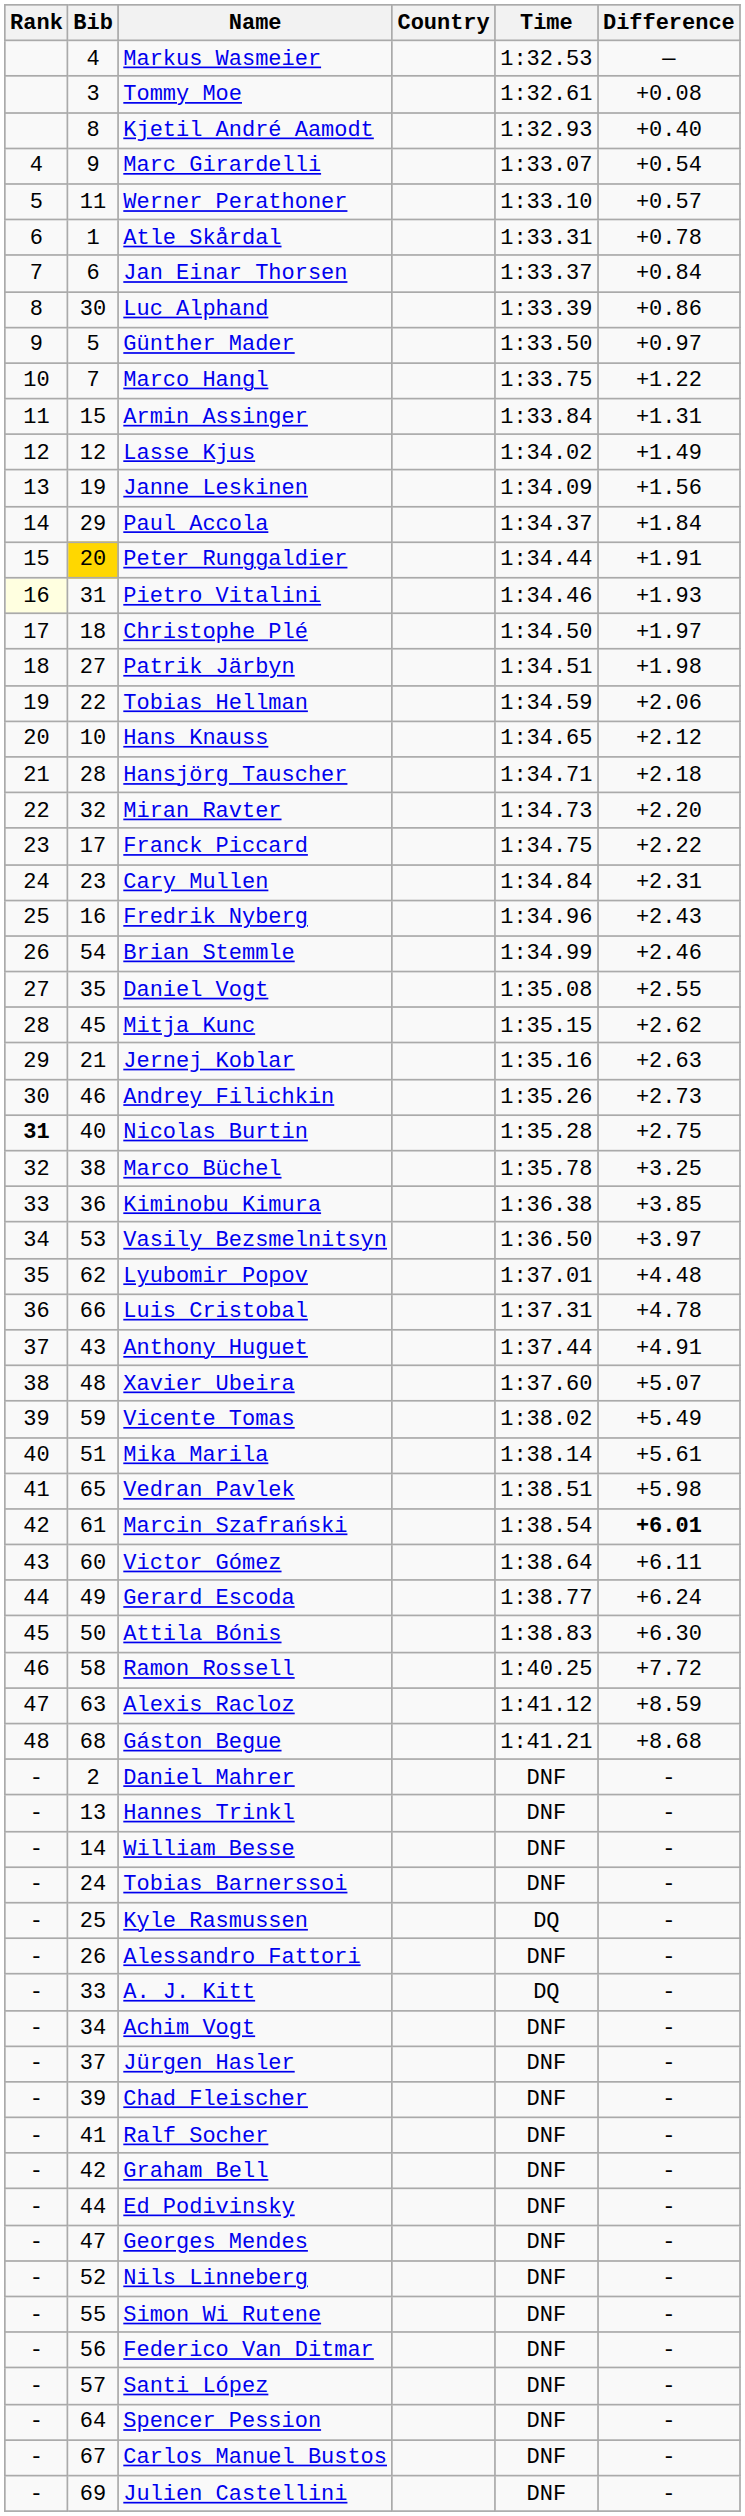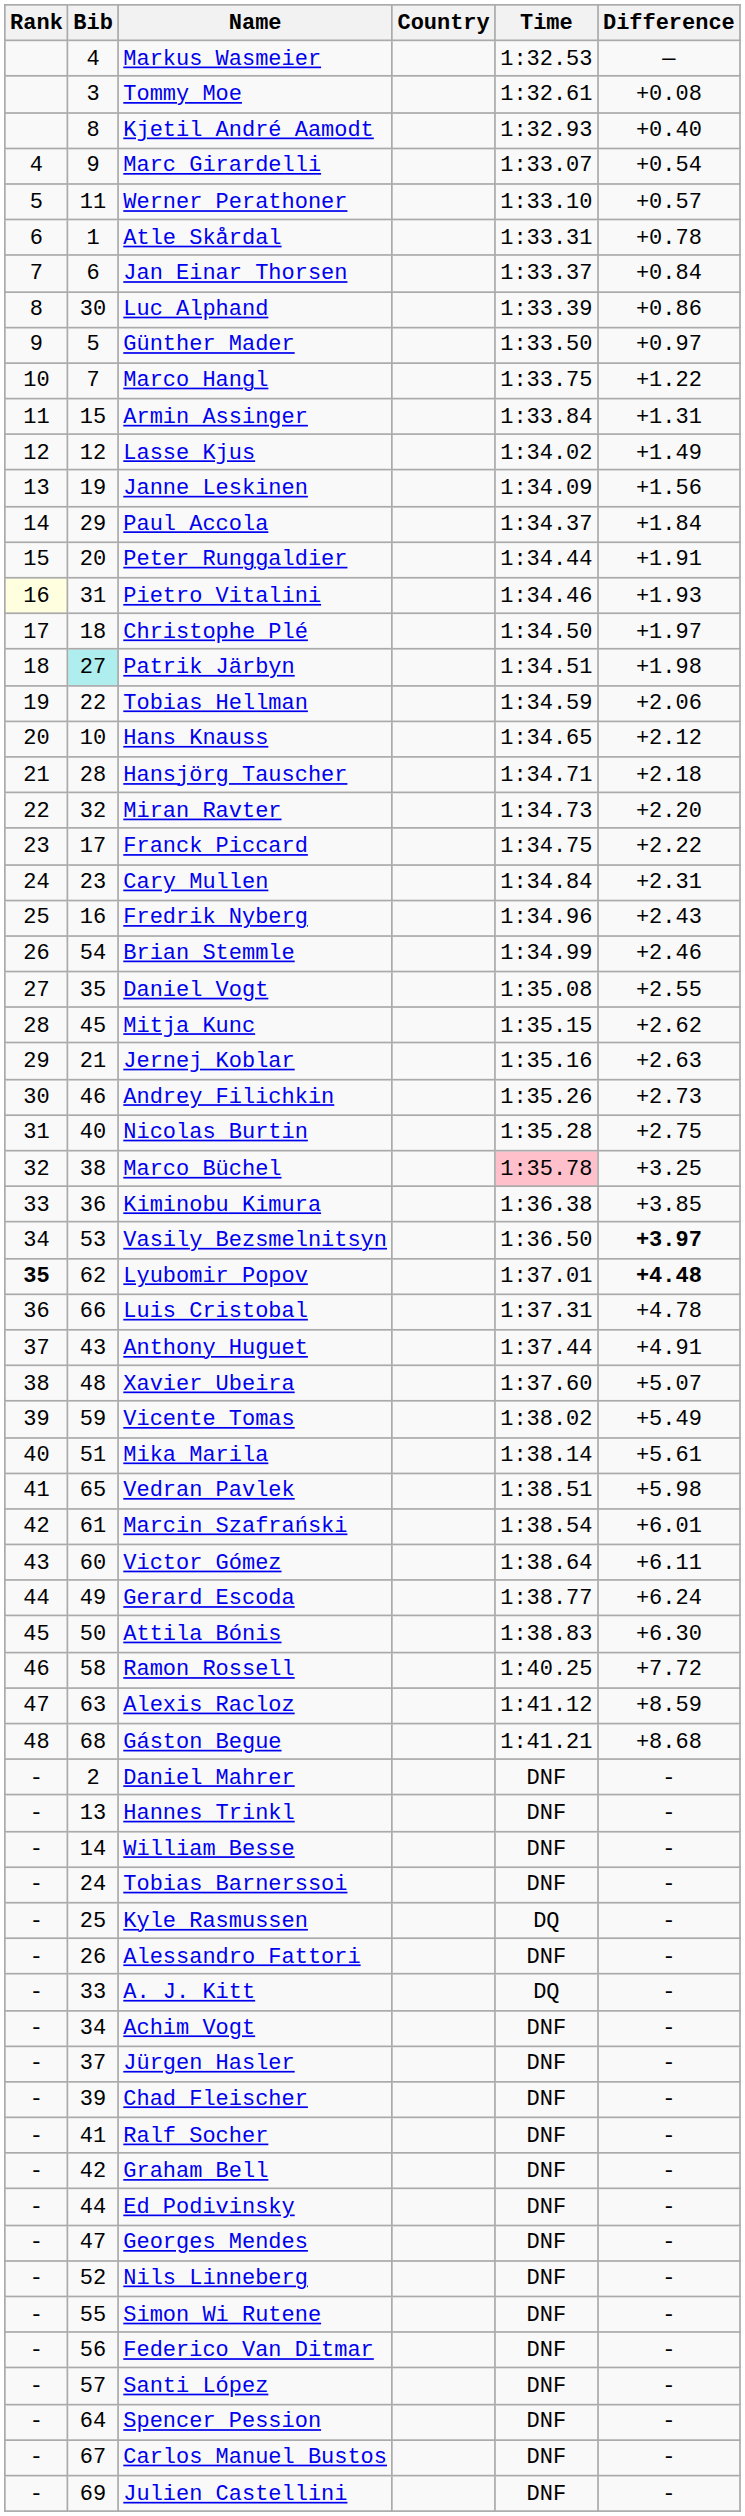 <table class="wikitable sortable" style="text-align:center">
 <tr>
 <th>Rank</th>
 <th>Bib</th>
 <th>Name</th>
 <th>Country</th>
 <th>Time</th>
 <th>Difference</th>
 </tr>
 <tr>
 <td></td>
 <td>4</td>
 <td align=left><a href='#'>Markus Wasmeier</a></td>
 <td align=left></td>
 <td>1:32.53</td>
 <td>—</td>
 </tr>
 <tr>
 <td></td>
 <td>3</td>
 <td align=left><a href='#'>Tommy Moe</a></td>
 <td align=left></td>
 <td>1:32.61</td>
 <td>+0.08</td>
 </tr>
 <tr>
 <td></td>
 <td>8</td>
 <td align=left><a href='#'>Kjetil André Aamodt</a></td>
 <td align=left></td>
 <td>1:32.93</td>
 <td>+0.40</td>
 </tr>
 <tr>
 <td>4</td>
 <td>9</td>
 <td align=left><a href='#'>Marc Girardelli</a></td>
 <td align=left></td>
 <td>1:33.07</td>
 <td>+0.54</td>
 </tr>
 <tr>
 <td>5</td>
 <td>11</td>
 <td align=left><a href='#'>Werner Perathoner</a></td>
 <td align=left></td>
 <td>1:33.10</td>
 <td>+0.57</td>
 </tr>
 <tr>
 <td>6</td>
 <td>1</td>
 <td align=left><a href='#'>Atle Skårdal</a></td>
 <td align=left></td>
 <td>1:33.31</td>
 <td>+0.78</td>
 </tr>
 <tr>
 <td>7</td>
 <td>6</td>
 <td align=left><a href='#'>Jan Einar Thorsen</a></td>
 <td align=left></td>
 <td>1:33.37</td>
 <td>+0.84</td>
 </tr>
 <tr>
 <td>8</td>
 <td>30</td>
 <td align=left><a href='#'>Luc Alphand</a></td>
 <td align=left></td>
 <td>1:33.39</td>
 <td>+0.86</td>
 </tr>
 <tr>
 <td>9</td>
 <td>5</td>
 <td align=left><a href='#'>Günther Mader</a></td>
 <td align=left></td>
 <td>1:33.50</td>
 <td>+0.97</td>
 </tr>
 <tr>
 <td>10</td>
 <td>7</td>
 <td align=left><a href='#'>Marco Hangl</a></td>
 <td align=left></td>
 <td>1:33.75</td>
 <td>+1.22</td>
 </tr>
 <tr>
 <td>11</td>
 <td>15</td>
 <td align=left><a href='#'>Armin Assinger</a></td>
 <td align=left></td>
 <td>1:33.84</td>
 <td>+1.31</td>
 </tr>
 <tr>
 <td>12</td>
 <td>12</td>
 <td align=left><a href='#'>Lasse Kjus</a></td>
 <td align=left></td>
 <td>1:34.02</td>
 <td>+1.49</td>
 </tr>
 <tr>
 <td>13</td>
 <td>19</td>
 <td align=left><a href='#'>Janne Leskinen</a></td>
 <td align=left></td>
 <td>1:34.09</td>
 <td>+1.56</td>
 </tr>
 <tr>
 <td>14</td>
 <td>29</td>
 <td align=left><a href='#'>Paul Accola</a></td>
 <td align=left></td>
 <td>1:34.37</td>
 <td>+1.84</td>
 </tr>
 <tr>
 <td>15</td>
-<td style="background: gold;">20</td>
+<td>20</td>
 <td align=left><a href='#'>Peter Runggaldier</a></td>
 <td align=left></td>
 <td>1:34.44</td>
 <td>+1.91</td>
 </tr>
 <tr>
 <td style="background: lightyellow;">16</td>
 <td>31</td>
 <td align=left><a href='#'>Pietro Vitalini</a></td>
 <td align=left></td>
 <td>1:34.46</td>
 <td>+1.93</td>
 </tr>
 <tr>
 <td>17</td>
 <td>18</td>
 <td align=left><a href='#'>Christophe Plé</a></td>
 <td align=left></td>
 <td>1:34.50</td>
 <td>+1.97</td>
 </tr>
 <tr>
 <td>18</td>
-<td>27</td>
+<td style="background: paleturquoise;">27</td>
 <td align=left><a href='#'>Patrik Järbyn</a></td>
 <td align=left></td>
 <td>1:34.51</td>
 <td>+1.98</td>
 </tr>
 <tr>
 <td>19</td>
 <td>22</td>
 <td align=left><a href='#'>Tobias Hellman</a></td>
 <td align=left></td>
 <td>1:34.59</td>
 <td>+2.06</td>
 </tr>
 <tr>
 <td>20</td>
 <td>10</td>
 <td align=left><a href='#'>Hans Knauss</a></td>
 <td align=left></td>
 <td>1:34.65</td>
 <td>+2.12</td>
 </tr>
 <tr>
 <td>21</td>
 <td>28</td>
 <td align=left><a href='#'>Hansjörg Tauscher</a></td>
 <td align=left></td>
 <td>1:34.71</td>
 <td>+2.18</td>
 </tr>
 <tr>
 <td>22</td>
 <td>32</td>
 <td align=left><a href='#'>Miran Ravter</a></td>
 <td align=left></td>
 <td>1:34.73</td>
 <td>+2.20</td>
 </tr>
 <tr>
 <td>23</td>
 <td>17</td>
 <td align=left><a href='#'>Franck Piccard</a></td>
 <td align=left></td>
 <td>1:34.75</td>
 <td>+2.22</td>
 </tr>
 <tr>
 <td>24</td>
 <td>23</td>
 <td align=left><a href='#'>Cary Mullen</a></td>
 <td align=left></td>
 <td>1:34.84</td>
 <td>+2.31</td>
 </tr>
 <tr>
 <td>25</td>
 <td>16</td>
 <td align=left><a href='#'>Fredrik Nyberg</a></td>
 <td align=left></td>
 <td>1:34.96</td>
 <td>+2.43</td>
 </tr>
 <tr>
 <td>26</td>
 <td>54</td>
 <td align=left><a href='#'>Brian Stemmle</a></td>
 <td align=left></td>
 <td>1:34.99</td>
 <td>+2.46</td>
 </tr>
 <tr>
 <td>27</td>
 <td>35</td>
 <td align=left><a href='#'>Daniel Vogt</a></td>
 <td align=left></td>
 <td>1:35.08</td>
 <td>+2.55</td>
 </tr>
 <tr>
 <td>28</td>
 <td>45</td>
 <td align=left><a href='#'>Mitja Kunc</a></td>
 <td align=left></td>
 <td>1:35.15</td>
 <td>+2.62</td>
 </tr>
 <tr>
 <td>29</td>
 <td>21</td>
 <td align=left><a href='#'>Jernej Koblar</a></td>
 <td align=left></td>
 <td>1:35.16</td>
 <td>+2.63</td>
 </tr>
 <tr>
 <td>30</td>
 <td>46</td>
 <td align=left><a href='#'>Andrey Filichkin</a></td>
 <td align=left></td>
 <td>1:35.26</td>
 <td>+2.73</td>
 </tr>
 <tr>
-<td><strong>31</strong></td>
+<td>31</td>
 <td>40</td>
 <td align=left><a href='#'>Nicolas Burtin</a></td>
 <td align=left></td>
 <td>1:35.28</td>
 <td>+2.75</td>
 </tr>
 <tr>
 <td>32</td>
 <td>38</td>
 <td align=left><a href='#'>Marco Büchel</a></td>
 <td align=left></td>
-<td>1:35.78</td>
+<td style="background: pink;">1:35.78</td>
 <td>+3.25</td>
 </tr>
 <tr>
 <td>33</td>
 <td>36</td>
 <td align=left><a href='#'>Kiminobu Kimura</a></td>
 <td align=left></td>
 <td>1:36.38</td>
 <td>+3.85</td>
 </tr>
 <tr>
 <td>34</td>
 <td>53</td>
 <td align=left><a href='#'>Vasily Bezsmelnitsyn</a></td>
 <td align=left></td>
 <td>1:36.50</td>
-<td>+3.97</td>
+<td><strong>+3.97</strong></td>
 </tr>
 <tr>
-<td>35</td>
+<td><strong>35</strong></td>
 <td>62</td>
 <td align=left><a href='#'>Lyubomir Popov</a></td>
 <td align=left></td>
 <td>1:37.01</td>
-<td>+4.48</td>
+<td><strong>+4.48</strong></td>
 </tr>
 <tr>
 <td>36</td>
 <td>66</td>
 <td align=left><a href='#'>Luis Cristobal</a></td>
 <td align=left></td>
 <td>1:37.31</td>
 <td>+4.78</td>
 </tr>
 <tr>
 <td>37</td>
 <td>43</td>
 <td align=left><a href='#'>Anthony Huguet</a></td>
 <td align=left></td>
 <td>1:37.44</td>
 <td>+4.91</td>
 </tr>
 <tr>
 <td>38</td>
 <td>48</td>
 <td align=left><a href='#'>Xavier Ubeira</a></td>
 <td align=left></td>
 <td>1:37.60</td>
 <td>+5.07</td>
 </tr>
 <tr>
 <td>39</td>
 <td>59</td>
 <td align=left><a href='#'>Vicente Tomas</a></td>
 <td align=left></td>
 <td>1:38.02</td>
 <td>+5.49</td>
 </tr>
 <tr>
 <td>40</td>
 <td>51</td>
 <td align=left><a href='#'>Mika Marila</a></td>
 <td align=left></td>
 <td>1:38.14</td>
 <td>+5.61</td>
 </tr>
 <tr>
 <td>41</td>
 <td>65</td>
 <td align=left><a href='#'>Vedran Pavlek</a></td>
 <td align=left></td>
 <td>1:38.51</td>
 <td>+5.98</td>
 </tr>
 <tr>
 <td>42</td>
 <td>61</td>
 <td align=left><a href='#'>Marcin Szafrański</a></td>
 <td align=left></td>
 <td>1:38.54</td>
-<td><strong>+6.01</strong></td>
+<td>+6.01</td>
 </tr>
 <tr>
 <td>43</td>
 <td>60</td>
 <td align=left><a href='#'>Victor Gómez</a></td>
 <td align=left></td>
 <td>1:38.64</td>
 <td>+6.11</td>
 </tr>
 <tr>
 <td>44</td>
 <td>49</td>
 <td align=left><a href='#'>Gerard Escoda</a></td>
 <td align=left></td>
 <td>1:38.77</td>
 <td>+6.24</td>
 </tr>
 <tr>
 <td>45</td>
 <td>50</td>
 <td align=left><a href='#'>Attila Bónis</a></td>
 <td align=left></td>
 <td>1:38.83</td>
 <td>+6.30</td>
 </tr>
 <tr>
 <td>46</td>
 <td>58</td>
 <td align=left><a href='#'>Ramon Rossell</a></td>
 <td align=left></td>
 <td>1:40.25</td>
 <td>+7.72</td>
 </tr>
 <tr>
 <td>47</td>
 <td>63</td>
 <td align=left><a href='#'>Alexis Racloz</a></td>
 <td align=left></td>
 <td>1:41.12</td>
 <td>+8.59</td>
 </tr>
 <tr>
 <td>48</td>
 <td>68</td>
 <td align=left><a href='#'>Gáston Begue</a></td>
 <td align=left></td>
 <td>1:41.21</td>
 <td>+8.68</td>
 </tr>
 <tr>
 <td>-</td>
 <td>2</td>
 <td align=left><a href='#'>Daniel Mahrer</a></td>
 <td align=left></td>
 <td>DNF</td>
 <td>-</td>
 </tr>
 <tr>
 <td>-</td>
 <td>13</td>
 <td align=left><a href='#'>Hannes Trinkl</a></td>
 <td align=left></td>
 <td>DNF</td>
 <td>-</td>
 </tr>
 <tr>
 <td>-</td>
 <td>14</td>
 <td align=left><a href='#'>William Besse</a></td>
 <td align=left></td>
 <td>DNF</td>
 <td>-</td>
 </tr>
 <tr>
 <td>-</td>
 <td>24</td>
 <td align=left><a href='#'>Tobias Barnerssoi</a></td>
 <td align=left></td>
 <td>DNF</td>
 <td>-</td>
 </tr>
 <tr>
 <td>-</td>
 <td>25</td>
 <td align=left><a href='#'>Kyle Rasmussen</a></td>
 <td align=left></td>
 <td>DQ</td>
 <td>-</td>
 </tr>
 <tr>
 <td>-</td>
 <td>26</td>
 <td align=left><a href='#'>Alessandro Fattori</a></td>
 <td align=left></td>
 <td>DNF</td>
 <td>-</td>
 </tr>
 <tr>
 <td>-</td>
 <td>33</td>
 <td align=left><a href='#'>A. J. Kitt</a></td>
 <td align=left></td>
 <td>DQ</td>
 <td>-</td>
 </tr>
 <tr>
 <td>-</td>
 <td>34</td>
 <td align=left><a href='#'>Achim Vogt</a></td>
 <td align=left></td>
 <td>DNF</td>
 <td>-</td>
 </tr>
 <tr>
 <td>-</td>
 <td>37</td>
 <td align=left><a href='#'>Jürgen Hasler</a></td>
 <td align=left></td>
 <td>DNF</td>
 <td>-</td>
 </tr>
 <tr>
 <td>-</td>
 <td>39</td>
 <td align=left><a href='#'>Chad Fleischer</a></td>
 <td align=left></td>
 <td>DNF</td>
 <td>-</td>
 </tr>
 <tr>
 <td>-</td>
 <td>41</td>
 <td align=left><a href='#'>Ralf Socher</a></td>
 <td align=left></td>
 <td>DNF</td>
 <td>-</td>
 </tr>
 <tr>
 <td>-</td>
 <td>42</td>
 <td align=left><a href='#'>Graham Bell</a></td>
 <td align=left></td>
 <td>DNF</td>
 <td>-</td>
 </tr>
 <tr>
 <td>-</td>
 <td>44</td>
 <td align=left><a href='#'>Ed Podivinsky</a></td>
 <td align=left></td>
 <td>DNF</td>
 <td>-</td>
 </tr>
 <tr>
 <td>-</td>
 <td>47</td>
 <td align=left><a href='#'>Georges Mendes</a></td>
 <td align=left></td>
 <td>DNF</td>
 <td>-</td>
 </tr>
 <tr>
 <td>-</td>
 <td>52</td>
 <td align=left><a href='#'>Nils Linneberg</a></td>
 <td align=left></td>
 <td>DNF</td>
 <td>-</td>
 </tr>
 <tr>
 <td>-</td>
 <td>55</td>
 <td align=left><a href='#'>Simon Wi Rutene</a></td>
 <td align=left></td>
 <td>DNF</td>
 <td>-</td>
 </tr>
 <tr>
 <td>-</td>
 <td>56</td>
 <td align=left><a href='#'>Federico Van Ditmar</a></td>
 <td align=left></td>
 <td>DNF</td>
 <td>-</td>
 </tr>
 <tr>
 <td>-</td>
 <td>57</td>
 <td align=left><a href='#'>Santi López</a></td>
 <td align=left></td>
 <td>DNF</td>
 <td>-</td>
 </tr>
 <tr>
 <td>-</td>
 <td>64</td>
 <td align=left><a href='#'>Spencer Pession</a></td>
 <td align=left></td>
 <td>DNF</td>
 <td>-</td>
 </tr>
 <tr>
 <td>-</td>
 <td>67</td>
 <td align=left><a href='#'>Carlos Manuel Bustos</a></td>
 <td align=left></td>
 <td>DNF</td>
 <td>-</td>
 </tr>
 <tr>
 <td>-</td>
 <td>69</td>
 <td align=left><a href='#'>Julien Castellini</a></td>
 <td align=left></td>
 <td>DNF</td>
 <td>-</td>
 </tr>
 </table>
